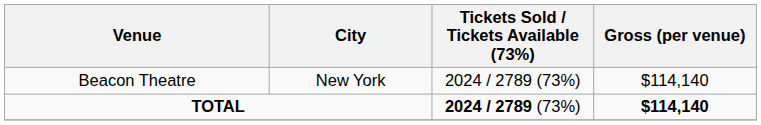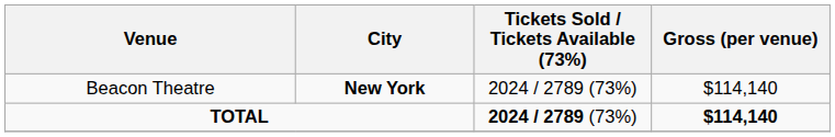 <table class="wikitable" style="text-align:center">
 <tr>
 <th style="width:250px;">Venue</th>
 <th style="width:150px;">City</th>
 <th style="width:150px;">Tickets Sold / Tickets Available (73%)</th>
 <th style="width:150px;">Gross (per venue)</th>
 </tr>
 <tr>
 <td>Beacon Theatre</td>
-<td>New York</td>
+<td><strong>New York</strong></td>
 <td>2024 / 2789 (73%)</td>
 <td>$114,140</td>
 </tr>
 <tr>
 <td colspan="2"><strong>TOTAL</strong></td>
 <td><strong>2024 / 2789</strong> (73%)</td>
 <td><strong>$114,140</strong></td>
 </tr>
 <tr>
 </tr>
 </table>
